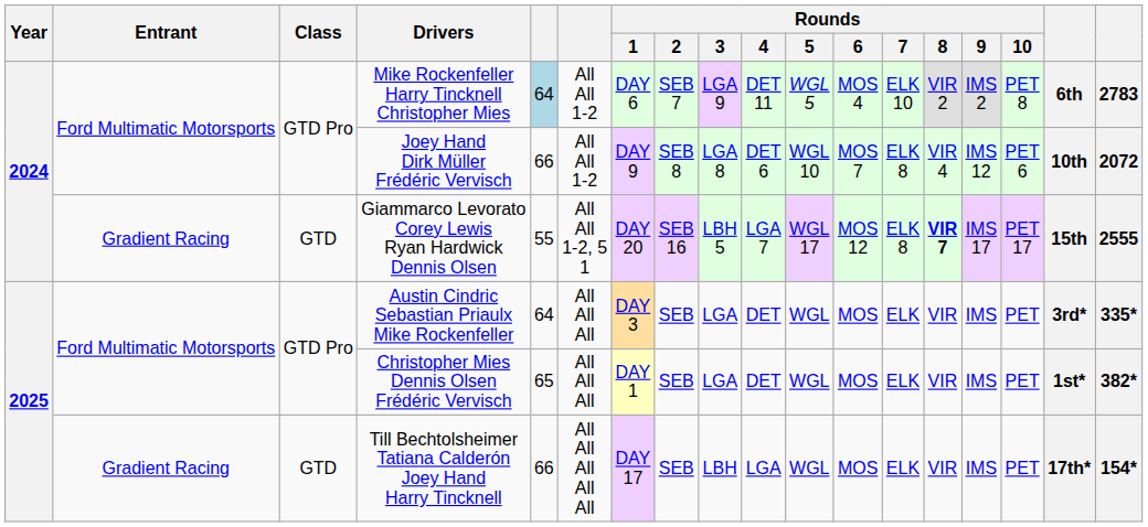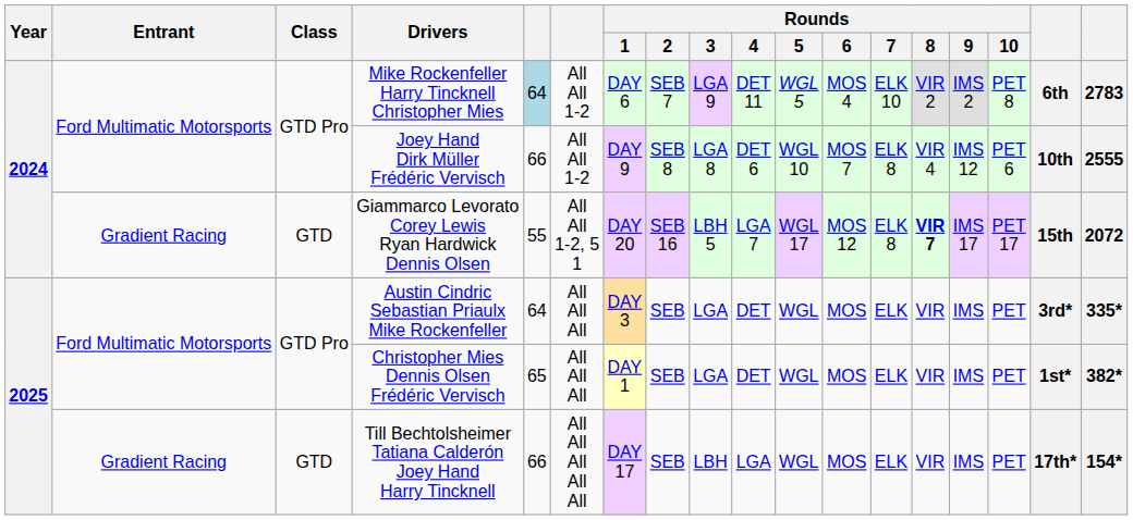 <table class="wikitable" style="text-align:center; font-size:90%">
 <tr>
 <th rowspan="2">Year</th>
 <th rowspan="2">Entrant</th>
 <th rowspan="2">Class</th>
 <th rowspan="2">Drivers</th>
 <th rowspan="2"></th>
 <th rowspan="2"></th>
 <th colspan="10">Rounds</th>
 <th rowspan="2" scope="col"></th>
 <th rowspan="2" scope="col"></th>
 </tr>
 <tr>
 <th scope="col">1</th>
 <th scope="col">2</th>
 <th scope="col">3</th>
 <th scope="col">4</th>
 <th scope="col">5</th>
 <th scope="col">6</th>
 <th scope="col">7</th>
 <th scope="col">8</th>
 <th scope="col">9</th>
 <th>10</th>
 </tr>
 <tr>
 <th rowspan="3"><a href='#'>2024</a></th>
 <td rowspan="2"> <a href='#'>Ford Multimatic Motorsports</a></td>
 <td rowspan="2">GTD Pro</td>
 <td> <a href='#'>Mike Rockenfeller</a><br> <a href='#'>Harry Tincknell</a><br> <a href='#'>Christopher Mies</a></td>
 <td style="background: lightblue;">64</td>
 <td>All<br>All<br>1-2</td>
 <td style="background:#DFFFDF;"><a href='#'>DAY</a><br>6</td>
 <td style="background:#DFFFDF;"><a href='#'>SEB</a><br>7</td>
 <td style="background:#EFCFFF;"><a href='#'>LGA</a><br>9</td>
 <td style="background:#DFFFDF;"><a href='#'>DET</a><br>11</td>
 <td style="background:#DFFFDF;"><em><a href='#'>WGL</a><br>5</em></td>
 <td style="background:#DFFFDF;"><a href='#'>MOS</a><br>4</td>
 <td style="background:#DFFFDF;"><a href='#'>ELK</a><br>10</td>
 <td style="background:#DFDFDF;”"><a href='#'>VIR</a><br>2</td>
 <td style="background:#DFDFDF;”"><a href='#'>IMS</a><br>2</td>
 <td style="background:#DFFFDF;"><a href='#'>PET</a><br>8</td>
 <th>6th</th>
 <th>2783</th>
 </tr>
 <tr>
 <td> <a href='#'>Joey Hand</a><br> <a href='#'>Dirk Müller</a><br> <a href='#'>Frédéric Vervisch</a></td>
 <td>66</td>
 <td>All<br>All<br>1-2</td>
 <td style="background:#EFCFFF;"><a href='#'>DAY</a><br>9</td>
 <td style="background:#DFFFDF;"><a href='#'>SEB</a><br>8</td>
 <td style="background:#DFFFDF;"><a href='#'>LGA</a><br>8</td>
 <td style="background:#DFFFDF;"><a href='#'>DET</a><br>6</td>
 <td style="background:#DFFFDF;"><a href='#'>WGL</a><br>10</td>
 <td style="background:#DFFFDF;"><a href='#'>MOS</a><br>7</td>
 <td style="background:#DFFFDF;"><a href='#'>ELK</a><br>8</td>
 <td style="background:#DFFFDF;"><a href='#'>VIR</a><br>4</td>
 <td style="background:#DFFFDF;"><a href='#'>IMS</a><br>12</td>
 <td style="background:#DFFFDF;"><a href='#'>PET</a><br>6</td>
 <th>10th</th>
-<th>2072</th>
+<th>2555</th>
 </tr>
 <tr>
 <td> <a href='#'>Gradient Racing</a></td>
 <td>GTD</td>
 <td> Giammarco Levorato<br> <a href='#'>Corey Lewis</a><br> Ryan Hardwick<br> <a href='#'>Dennis Olsen</a></td>
 <td>55</td>
 <td>All<br>All<br>1-2, 5<br>1</td>
 <td style="background:#EFCFFF;"><a href='#'>DAY</a><br>20</td>
 <td style="background:#EFCFFF;"><a href='#'>SEB</a><br>16</td>
 <td style="background:#DFFFDF;"><a href='#'>LBH</a><br>5</td>
 <td style="background:#DFFFDF;"><a href='#'>LGA</a><br>7</td>
 <td style="background:#EFCFFF;"><a href='#'>WGL</a><br>17</td>
 <td style="background:#DFFFDF;"><a href='#'>MOS</a><br>12</td>
 <td style="background:#DFFFDF;"><a href='#'>ELK</a><br>8</td>
 <td style="background:#DFFFDF;"><strong><a href='#'>VIR</a><br>7</strong></td>
 <td style="background:#EFCFFF;"><a href='#'>IMS</a><br>17</td>
 <td style="background:#EFCFFF;"><a href='#'>PET</a><br>17</td>
 <th>15th</th>
-<th>2555</th>
+<th>2072</th>
 </tr>
 <tr>
 <th rowspan="3"><a href='#'>2025</a></th>
 <td rowspan="2"> <a href='#'>Ford Multimatic Motorsports</a></td>
 <td rowspan="2">GTD Pro</td>
 <td> <a href='#'>Austin Cindric</a><br> <a href='#'>Sebastian Priaulx</a><br> <a href='#'>Mike Rockenfeller</a></td>
 <td>64</td>
 <td>All<br>All<br>All</td>
 <td style="background:#ffdf9f;"><a href='#'>DAY</a><br>3</td>
 <td style="background:#;"><a href='#'>SEB</a><br></td>
 <td style="background:#;"><a href='#'>LGA</a><br></td>
 <td style="background:#;"><a href='#'>DET</a><br></td>
 <td style="background:#;"><a href='#'>WGL</a><br></td>
 <td style="background:#;"><a href='#'>MOS</a><br></td>
 <td style="background:#;"><a href='#'>ELK</a><br></td>
 <td style="background:#;"><a href='#'>VIR</a><br></td>
 <td style="background:#;"><a href='#'>IMS</a><br></td>
 <td style="background:#;"><a href='#'>PET</a><br></td>
 <th>3rd*</th>
 <th>335*</th>
 </tr>
 <tr>
 <td> <a href='#'>Christopher Mies</a><br> <a href='#'>Dennis Olsen</a><br> <a href='#'>Frédéric Vervisch</a></td>
 <td>65</td>
 <td>All<br>All<br>All</td>
 <td style="background:#ffffbf;"><a href='#'>DAY</a><br>1</td>
 <td style="background:#;"><a href='#'>SEB</a><br></td>
 <td style="background:#;"><a href='#'>LGA</a><br></td>
 <td style="background:#;"><a href='#'>DET</a><br></td>
 <td style="background:#;"><a href='#'>WGL</a><br></td>
 <td style="background:#;"><a href='#'>MOS</a><br></td>
 <td style="background:#;"><a href='#'>ELK</a><br></td>
 <td style="background:#;"><a href='#'>VIR</a><br></td>
 <td style="background:#;"><a href='#'>IMS</a><br></td>
 <td style="background:#;"><a href='#'>PET</a><br></td>
 <th>1st*</th>
 <th>382*</th>
 </tr>
 <tr>
 <td> <a href='#'>Gradient Racing</a></td>
 <td>GTD</td>
 <td> Till Bechtolsheimer<br> <a href='#'>Tatiana Calderón</a><br> <a href='#'>Joey Hand</a><br> <a href='#'>Harry Tincknell</a></td>
 <td>66</td>
 <td>All<br>All<br>All<br>All<br>All</td>
 <td style="background:#EFCFFF;"><a href='#'>DAY</a><br>17</td>
 <td style="background:#;"><a href='#'>SEB</a><br></td>
 <td style="background:#;"><a href='#'>LBH</a><br></td>
 <td style="background:#;"><a href='#'>LGA</a><br></td>
 <td style="background:#;"><a href='#'>WGL</a><br></td>
 <td style="background:#;"><a href='#'>MOS</a><br></td>
 <td style="background:#;"><a href='#'>ELK</a><br></td>
 <td style="background:#;"><a href='#'>VIR</a><br></td>
 <td style="background:#;"><a href='#'>IMS</a><br></td>
 <td style="background:#;"><a href='#'>PET</a><br></td>
 <th>17th*</th>
 <th>154*</th>
 </tr>
 </table>
